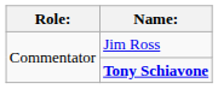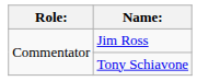 <table class=wikitable style="font-size:90%; margin: 0.5em 0 0.5em 1em; float: right; clear: right;">
 <tr>
 <th>Role:</th>
 <th>Name:</th>
 </tr>
 <tr>
 <td rowspan=2>Commentator</td>
 <td><a href='#'>Jim Ross</a></td>
 </tr>
 <tr>
-<td><strong><a href='#'>Tony Schiavone</a></strong></td>
+<td><a href='#'>Tony Schiavone</a></td>
 </tr>
 </table>
